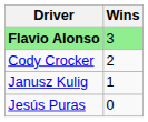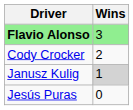 <table class="wikitable">
 <tr>
 <th>Driver</th>
 <th>Wins</th>
 </tr>
 <tr style="background:lightgreen;">
 <td><strong> Flavio Alonso</strong></td>
 <td>3</td>
 </tr>
 <tr>
 <td> <a href='#'>Cody Crocker</a></td>
 <td>2</td>
 </tr>
 <tr>
 <td> <a href='#'>Janusz Kulig</a></td>
-<td>1</td>
+<td style="background: lightgrey;">1</td>
 </tr>
 <tr>
 <td> <a href='#'>Jesús Puras</a></td>
 <td>0</td>
 </tr>
 </table>
